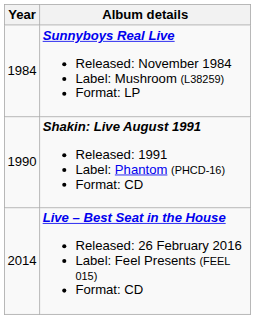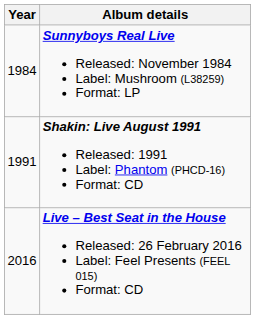 <table class="wikitable" border="1">
 <tr>
 <th width="35px">Year</th>
 <th width="250px">Album details</th>
 </tr>
 <tr>
 <td>1984</td>
 <td><strong><em><a href='#'>Sunnyboys Real Live</a></em></strong><br><ul><li>Released: November 1984</li><li>Label: Mushroom <small>(L38259)</small></li><li>Format: LP</li></ul></td>
 </tr>
 <tr>
-<td>1990</td>
+<td>1991</td>
 <td><strong><em>Shakin: Live August 1991</em></strong><br><ul><li>Released: 1991</li><li>Label: <a href='#'>Phantom</a> <small>(PHCD-16)</small></li><li>Format: CD</li></ul></td>
 </tr>
 <tr>
-<td>2014</td>
+<td>2016</td>
 <td><strong><em><a href='#'>Live – Best Seat in the House</a></em></strong><br><ul><li>Released: 26 February 2016</li><li>Label: Feel Presents <small>(FEEL 015)</small></li><li>Format: CD</li></ul></td>
 </tr>
 </table>
